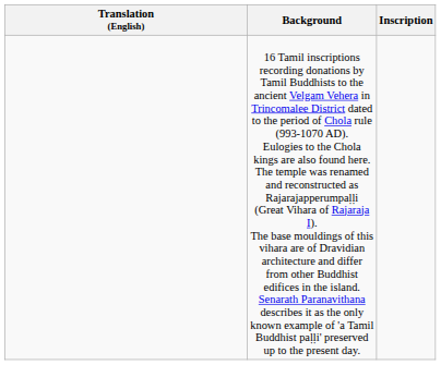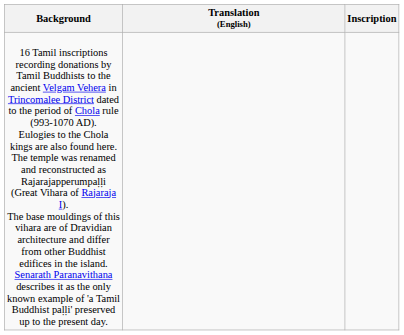 <table class="wikitable centre">
 <tr>
+<th scope="col" align=left>Background<br></th>
 <th>Translation<br><small>(English)</small></th>
-<th scope="col" align=left>Background<br></th>
 <th>Inscription<br></th>
 </tr>
 <tr>
+<td align=center width="30%"><br>16 Tamil inscriptions recording donations by Tamil Buddhists to the ancient <a href='#'>Velgam Vehera</a> in <a href='#'>Trincomalee District</a> dated to the period of <a href='#'>Chola</a> rule (993-1070 AD).<br>Eulogies to the Chola kings are also found here.<br>The temple was renamed and reconstructed as Rajarajapperumpaḷḷi (Great Vihara of <a href='#'>Rajaraja I</a>).<br>The base mouldings of this vihara are of Dravidian architecture and differ from other Buddhist edifices in the island.<br><a href='#'>Senarath Paranavithana</a> describes it as the only known example of 'a Tamil Buddhist paḷḷi' preserved up to the present day.</td>
 <td align=left><br></td>
-<td align=center width="30%"><br>16 Tamil inscriptions recording donations by Tamil Buddhists to the ancient <a href='#'>Velgam Vehera</a> in <a href='#'>Trincomalee District</a> dated to the period of <a href='#'>Chola</a> rule (993-1070 AD).<br>Eulogies to the Chola kings are also found here.<br>The temple was renamed and reconstructed as Rajarajapperumpaḷḷi (Great Vihara of <a href='#'>Rajaraja I</a>).<br>The base mouldings of this vihara are of Dravidian architecture and differ from other Buddhist edifices in the island.<br><a href='#'>Senarath Paranavithana</a> describes it as the only known example of 'a Tamil Buddhist paḷḷi' preserved up to the present day.</td>
 <td align=center width="10%"><br>     </td>
 </tr>
 </table>
